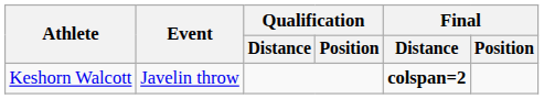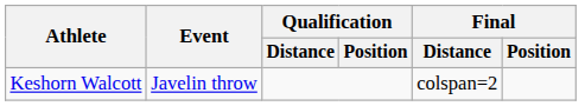 <table class=wikitable style=font-size:90%>
 <tr>
 <th rowspan=2>Athlete</th>
 <th rowspan=2>Event</th>
 <th colspan=2>Qualification</th>
 <th colspan=2>Final</th>
 </tr>
 <tr style=font-size:95%>
 <th>Distance</th>
 <th>Position</th>
 <th>Distance</th>
 <th>Position</th>
 </tr>
 <tr align=center>
 <td align=left><a href='#'>Keshorn Walcott</a></td>
 <td><a href='#'>Javelin throw</a></td>
 <td colspan=2></td>
-<td><strong>colspan=2 </strong></td>
+<td>colspan=2 </td>
 </tr>
 </table>
